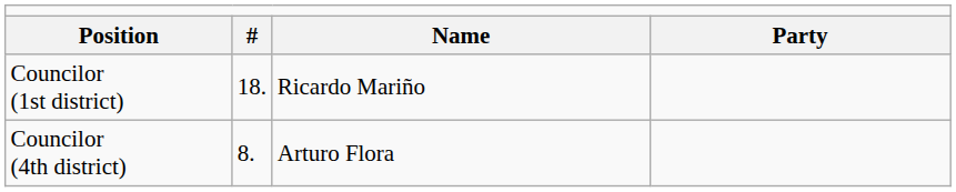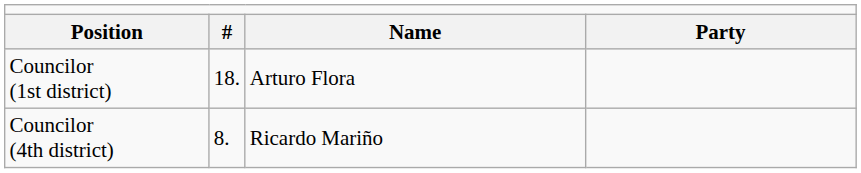 <table class=wikitable style="font-size:95%" width=99%>
 <tr>
 <td colspan="5"></td>
 </tr>
 <tr>
 <th width=24%>Position</th>
 <th width=1%>#</th>
 <th width=40%>Name</th>
 <th colspan=2>Party</th>
 </tr>
 <tr>
 <td>Councilor<br>(1st district)</td>
 <td>18.</td>
-<td>Ricardo Mariño</td>
+<td>Arturo Flora</td>
 <td></td>
 </tr>
 <tr>
 <td>Councilor<br>(4th district)</td>
 <td>8.</td>
-<td>Arturo Flora</td>
+<td>Ricardo Mariño</td>
 <td></td>
 </tr>
 </table>
